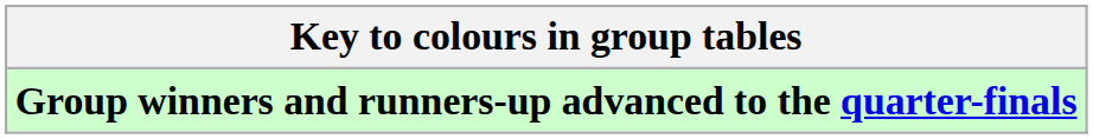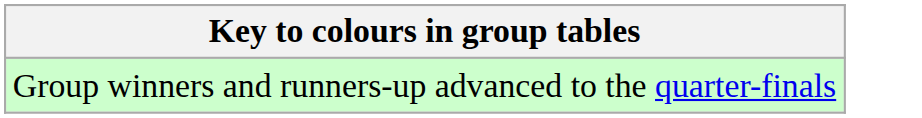 <table class="wikitable">
 <tr>
 <th>Key to colours in group tables</th>
 </tr>
 <tr bgcolor="#ccffcc">
-<td><strong>Group winners and runners-up advanced to the <a href='#'>quarter-finals</a></strong></td>
+<td>Group winners and runners-up advanced to the <a href='#'>quarter-finals</a></td>
 </tr>
 </table>
